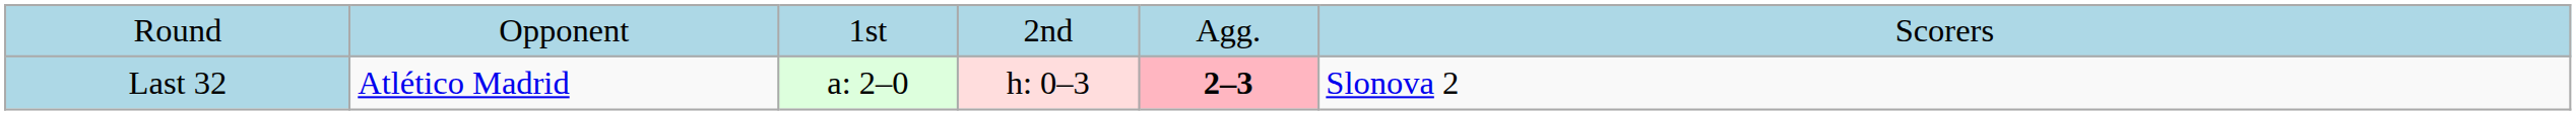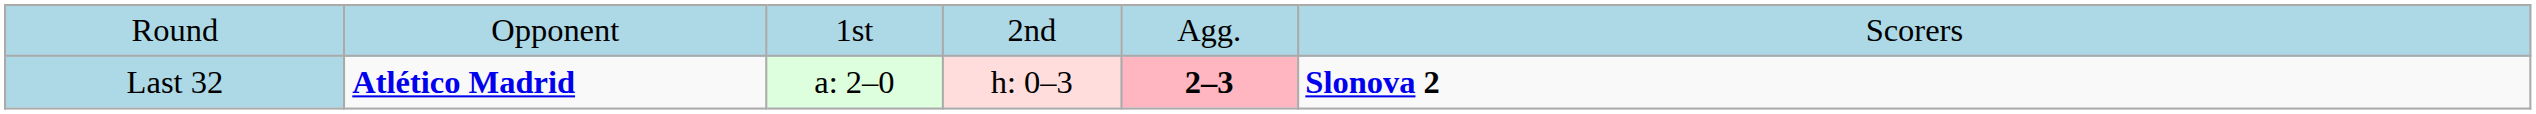 <table class="wikitable" style="text-align:center">
 <tr bgcolor=lightblue>
 <td width=160px>Round</td>
 <td width=200px>Opponent</td>
 <td width=80px>1st</td>
 <td width=80px>2nd</td>
 <td width=80px>Agg.</td>
 <td width=600px>Scorers</td>
 </tr>
 <tr>
 <td bgcolor=lightblue>Last 32</td>
-<td align=left> <a href='#'>Atlético Madrid</a></td>
+<td align=left><strong> <a href='#'>Atlético Madrid</a></strong></td>
 <td bgcolor="#ddffdd">a: 2–0</td>
 <td bgcolor="#ffdddd">h: 0–3</td>
 <td bgcolor=lightpink><strong>2–3</strong></td>
-<td align=left><a href='#'>Slonova</a> 2</td>
+<td align=left><strong><a href='#'>Slonova</a> 2</strong></td>
 </tr>
 </table>
